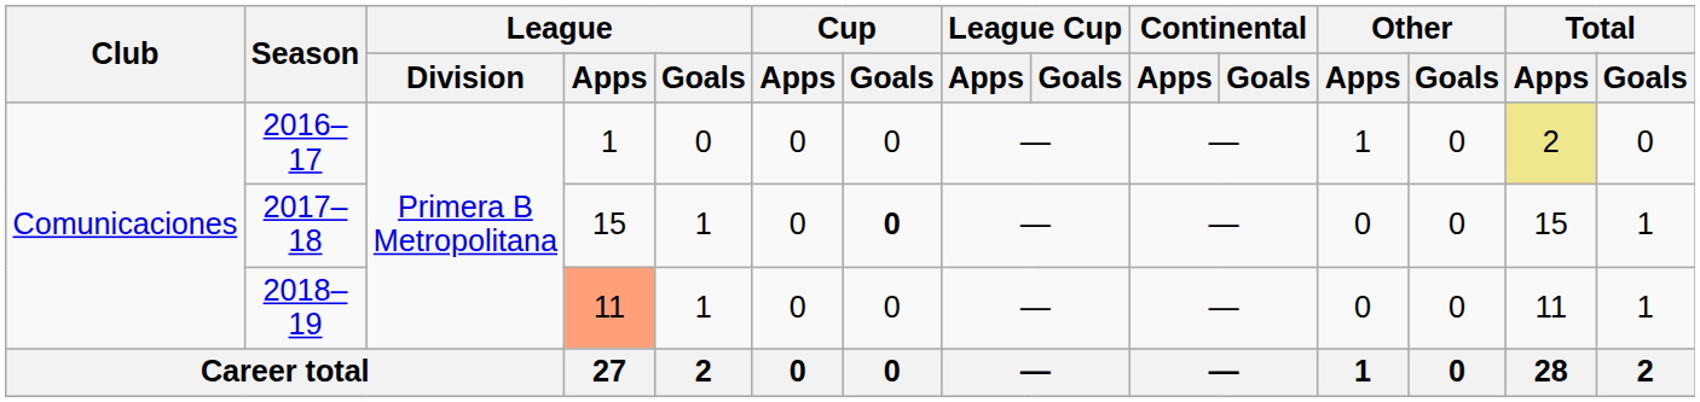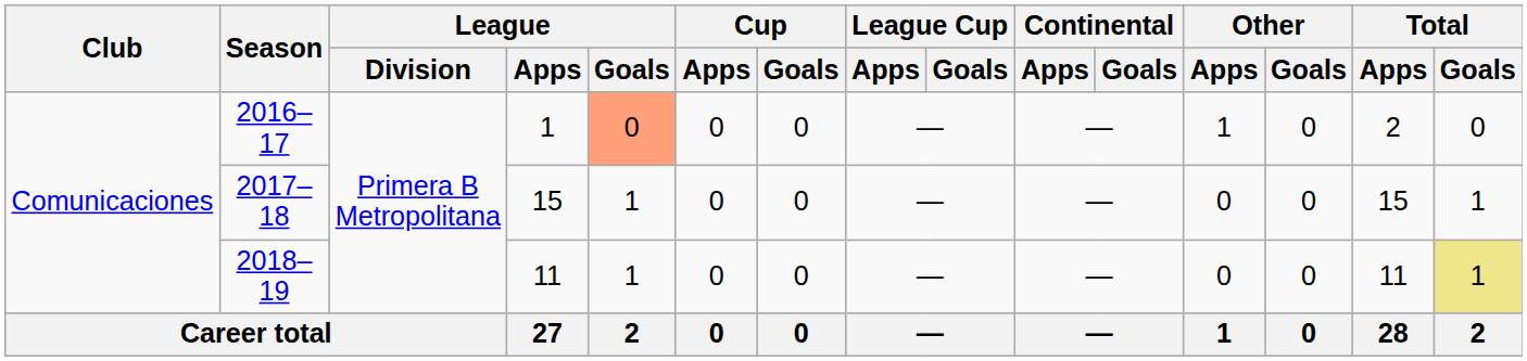 <table class="wikitable" style="text-align:center">
 <tr>
 <th rowspan="2">Club</th>
 <th rowspan="2">Season</th>
 <th colspan="3">League</th>
 <th colspan="2">Cup</th>
 <th colspan="2">League Cup</th>
 <th colspan="2">Continental</th>
 <th colspan="2">Other</th>
 <th colspan="2">Total</th>
 </tr>
 <tr>
 <th>Division</th>
 <th>Apps</th>
 <th>Goals</th>
 <th>Apps</th>
 <th>Goals</th>
 <th>Apps</th>
 <th>Goals</th>
 <th>Apps</th>
 <th>Goals</th>
 <th>Apps</th>
 <th>Goals</th>
 <th>Apps</th>
 <th>Goals</th>
 </tr>
 <tr>
 <td rowspan="3"><a href='#'>Comunicaciones</a></td>
 <td><a href='#'>2016–17</a></td>
 <td rowspan="3"><a href='#'>Primera B Metropolitana</a></td>
 <td>1</td>
-<td>0</td>
+<td style="background: lightsalmon;">0</td>
 <td>0</td>
 <td>0</td>
 <td colspan="2">—</td>
 <td colspan="2">—</td>
 <td>1</td>
 <td>0</td>
-<td style="background: khaki;">2</td>
+<td>2</td>
 <td>0</td>
 </tr>
 <tr>
 <td><a href='#'>2017–18</a></td>
 <td>15</td>
 <td>1</td>
 <td>0</td>
-<td><strong>0</strong></td>
+<td>0</td>
 <td colspan="2">—</td>
 <td colspan="2">—</td>
 <td>0</td>
 <td>0</td>
 <td>15</td>
 <td>1</td>
 </tr>
 <tr>
 <td><a href='#'>2018–19</a></td>
-<td style="background: lightsalmon;">11</td>
+<td>11</td>
 <td>1</td>
 <td>0</td>
 <td>0</td>
 <td colspan="2">—</td>
 <td colspan="2">—</td>
 <td>0</td>
 <td>0</td>
 <td>11</td>
-<td>1</td>
+<td style="background: khaki;">1</td>
 </tr>
 <tr>
 <th colspan="3">Career total</th>
 <th>27</th>
 <th>2</th>
 <th>0</th>
 <th>0</th>
 <th colspan="2">—</th>
 <th colspan="2">—</th>
 <th>1</th>
 <th>0</th>
 <th>28</th>
 <th>2</th>
 </tr>
 </table>
